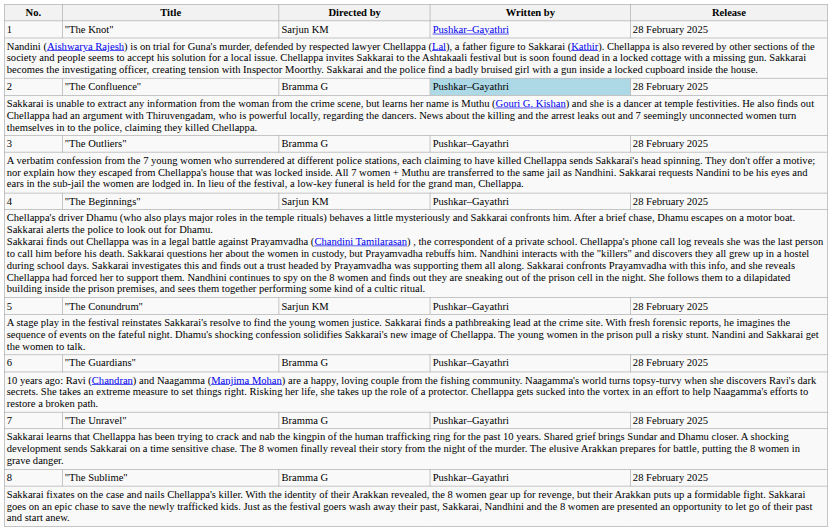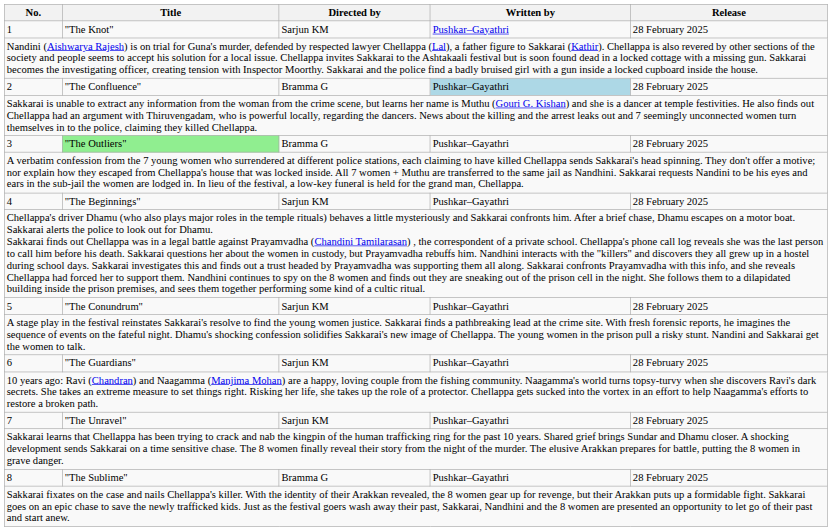 <table class="wikitable">
 <tr>
 <th>No.</th>
 <th>Title</th>
 <th>Directed by</th>
 <th>Written by</th>
 <th>Release</th>
 </tr>
 <tr>
 <td>1</td>
 <td>"The Knot"</td>
 <td>Sarjun KM</td>
 <td><a href='#'>Pushkar–Gayathri</a></td>
 <td>28 February 2025</td>
 </tr>
 <tr>
 <td colspan="5">Nandini (<a href='#'>Aishwarya Rajesh</a>) is on trial for Guna's murder, defended by respected lawyer Chellappa (<a href='#'>Lal</a>), a father figure to Sakkarai (<a href='#'>Kathir</a>). Chellappa is also revered by other sections of the society and people seems to accept his solution for a local issue. Chellappa invites Sakkarai to the Ashtakaali festival but is soon found dead in a locked cottage with a missing gun. Sakkarai becomes the investigating officer, creating tension with Inspector Moorthy. Sakkarai and the police find a badly bruised girl with a gun inside a locked cupboard inside the house.</td>
 </tr>
 <tr>
 <td>2</td>
 <td>"The Confluence"</td>
 <td>Bramma G</td>
 <td style="background: lightblue;">Pushkar–Gayathri</td>
 <td>28 February 2025</td>
 </tr>
 <tr>
 <td colspan="5">Sakkarai is unable to extract any information from the woman from the crime scene, but learns her name is Muthu (<a href='#'>Gouri G. Kishan</a>) and she is a dancer at temple festivities. He also finds out Chellappa had an argument with Thiruvengadam, who is powerful locally, regarding the dancers. News about the killing and the arrest leaks out and 7 seemingly unconnected women turn themselves in to the police, claiming they killed Chellappa.</td>
 </tr>
 <tr>
 <td>3</td>
-<td>"The Outliers"</td>
+<td style="background: lightgreen;">"The Outliers"</td>
 <td>Bramma G</td>
 <td>Pushkar–Gayathri</td>
 <td>28 February 2025</td>
 </tr>
 <tr>
 <td colspan="5">A verbatim confession from the 7 young women who surrendered at different police stations, each claiming to have killed Chellappa sends Sakkarai's head spinning. They don't offer a motive; nor explain how they escaped from Chellappa's house that was locked inside. All 7 women + Muthu are transferred to the same jail as Nandhini. Sakkarai requests Nandini to be his eyes and ears in the sub-jail the women are lodged in. In lieu of the festival, a low-key funeral is held for the grand man, Chellappa.</td>
 </tr>
 <tr>
 <td>4</td>
 <td>"The Beginnings"</td>
 <td>Sarjun KM</td>
 <td>Pushkar–Gayathri</td>
 <td>28 February 2025</td>
 </tr>
 <tr>
 <td colspan="5">Chellappa's driver Dhamu (who also plays major roles in the temple rituals) behaves a little mysteriously and Sakkarai confronts him. After a brief chase, Dhamu escapes on a motor boat. Sakkarai alerts the police to look out for Dhamu.<br>Sakkarai finds out Chellappa was in a legal battle against Prayamvadha (<a href='#'>Chandini Tamilarasan</a>) , the correspondent of a private school. Chellappa's phone call log reveals she was the last person to call him before his death. Sakkarai questions her about the women in custody, but Prayamvadha rebuffs him. Nandhini interacts with the "killers" and discovers they all grew up in a hostel during school days. Sakkarai investigates this and finds out a trust headed by Prayamvadha was supporting them all along. Sakkarai confronts Prayamvadha with this info, and she reveals Chellappa had forced her to support them. Nandhini continues to spy on the 8 women and finds out they are sneaking out of the prison cell in the night. She follows them to a dilapidated building inside the prison premises, and sees them together performing some kind of a cultic ritual.</td>
 </tr>
 <tr>
 <td>5</td>
 <td>"The Conundrum"</td>
 <td>Sarjun KM</td>
 <td>Pushkar–Gayathri</td>
 <td>28 February 2025</td>
 </tr>
 <tr>
 <td colspan="5">A stage play in the festival reinstates Sakkarai's resolve to find the young women justice. Sakkarai finds a pathbreaking lead at the crime site. With fresh forensic reports, he imagines the sequence of events on the fateful night. Dhamu's shocking confession solidifies Sakkarai's new image of Chellappa. The young women in the prison pull a risky stunt. Nandini and Sakkarai get the women to talk.</td>
 </tr>
 <tr>
 <td>6</td>
 <td>"The Guardians"</td>
-<td>Bramma G</td>
+<td>Sarjun KM</td>
 <td>Pushkar–Gayathri</td>
 <td>28 February 2025</td>
 </tr>
 <tr>
 <td colspan="5">10 years ago: Ravi (<a href='#'>Chandran</a>) and Naagamma (<a href='#'>Manjima Mohan</a>) are a happy, loving couple from the fishing community. Naagamma's world turns topsy-turvy when she discovers Ravi's dark secrets. She takes an extreme measure to set things right. Risking her life, she takes up the role of a protector. Chellappa gets sucked into the vortex in an effort to help Naagamma's efforts to restore a broken path.</td>
 </tr>
 <tr>
 <td>7</td>
 <td>"The Unravel"</td>
-<td>Bramma G</td>
+<td>Sarjun KM</td>
 <td>Pushkar–Gayathri</td>
 <td>28 February 2025</td>
 </tr>
 <tr>
 <td colspan="5">Sakkarai learns that Chellappa has been trying to crack and nab the kingpin of the human trafficking ring for the past 10 years. Shared grief brings Sundar and Dhamu closer. A shocking development sends Sakkarai on a time sensitive chase. The 8 women finally reveal their story from the night of the murder. The elusive Arakkan prepares for battle, putting the 8 women in grave danger.</td>
 </tr>
 <tr>
 <td>8</td>
 <td>"The Sublime"</td>
 <td>Bramma G</td>
 <td>Pushkar–Gayathri</td>
 <td>28 February 2025</td>
 </tr>
 <tr>
 <td colspan="5">Sakkarai fixates on the case and nails Chellappa's killer. With the identity of their Arakkan revealed, the 8 women gear up for revenge, but their Arakkan puts up a formidable fight. Sakkarai goes on an epic chase to save the newly trafficked kids. Just as the festival goers wash away their past, Sakkarai, Nandhini and the 8 women are presented an opportunity to let go of their past and start anew.</td>
 </tr>
 </table>
